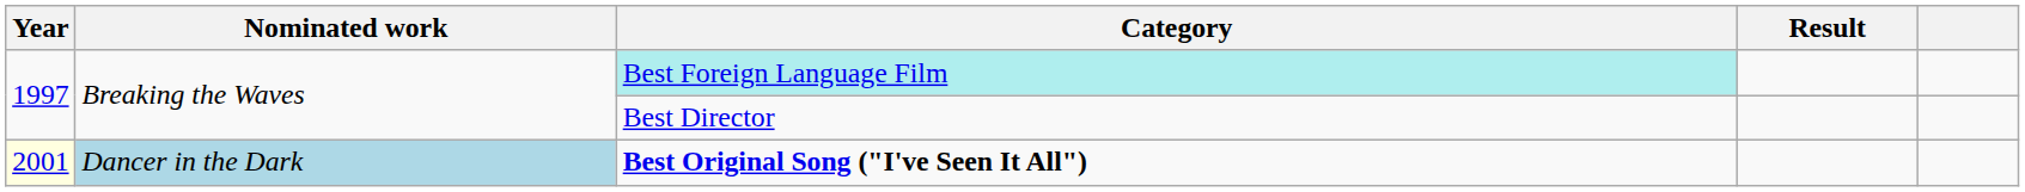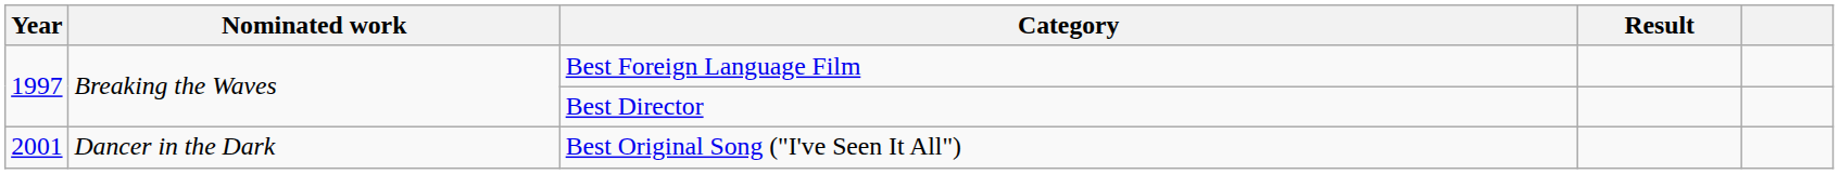 <table class=wikitable width=90%>
 <tr>
 <th width=3%>Year</th>
 <th width=27%>Nominated work</th>
 <th width=56%>Category</th>
 <th width=9%>Result</th>
 <th width=5%></th>
 </tr>
 <tr>
 <td rowspan="2"><a href='#'>1997</a></td>
 <td rowspan="2"><em>Breaking the Waves</em></td>
-<td style="background: paleturquoise;"><a href='#'>Best Foreign Language Film</a></td>
+<td><a href='#'>Best Foreign Language Film</a></td>
 <td></td>
 <td style="text-align:center;"></td>
 </tr>
 <tr>
 <td><a href='#'>Best Director</a></td>
 <td></td>
 <td style="text-align:center;"></td>
 </tr>
 <tr>
-<td style="background: lightyellow;"><a href='#'>2001</a></td>
-<td style="background: lightblue;"><em>Dancer in the Dark</em></td>
-<td><strong><a href='#'>Best Original Song</a> ("I've Seen It All")</strong></td>
+<td><a href='#'>2001</a></td>
+<td><em>Dancer in the Dark</em></td>
+<td><a href='#'>Best Original Song</a> ("I've Seen It All")</td>
 <td></td>
 <td style="text-align:center;"></td>
 </tr>
 </table>
